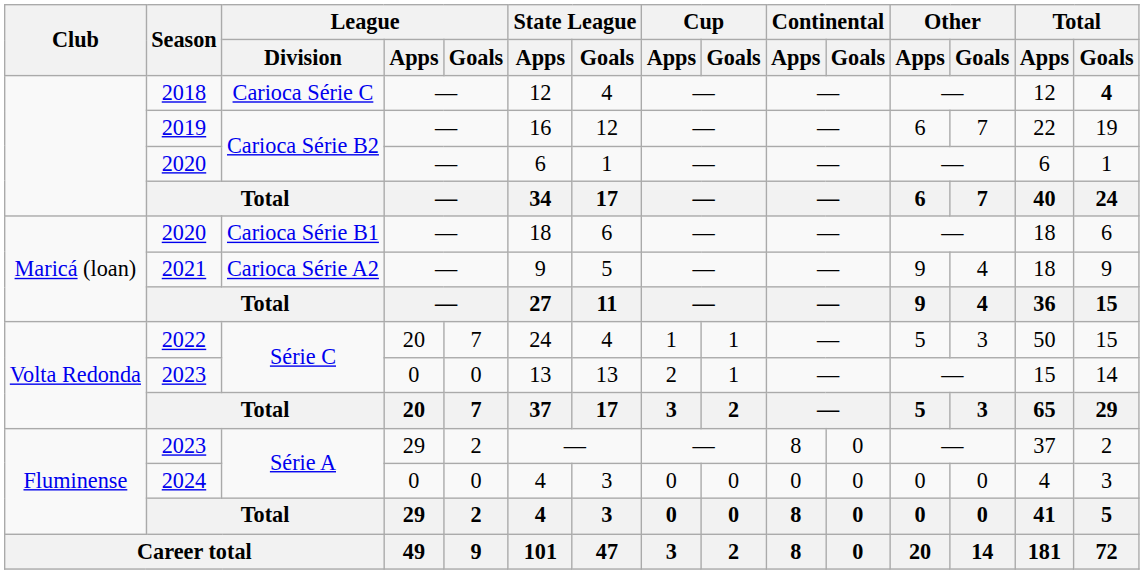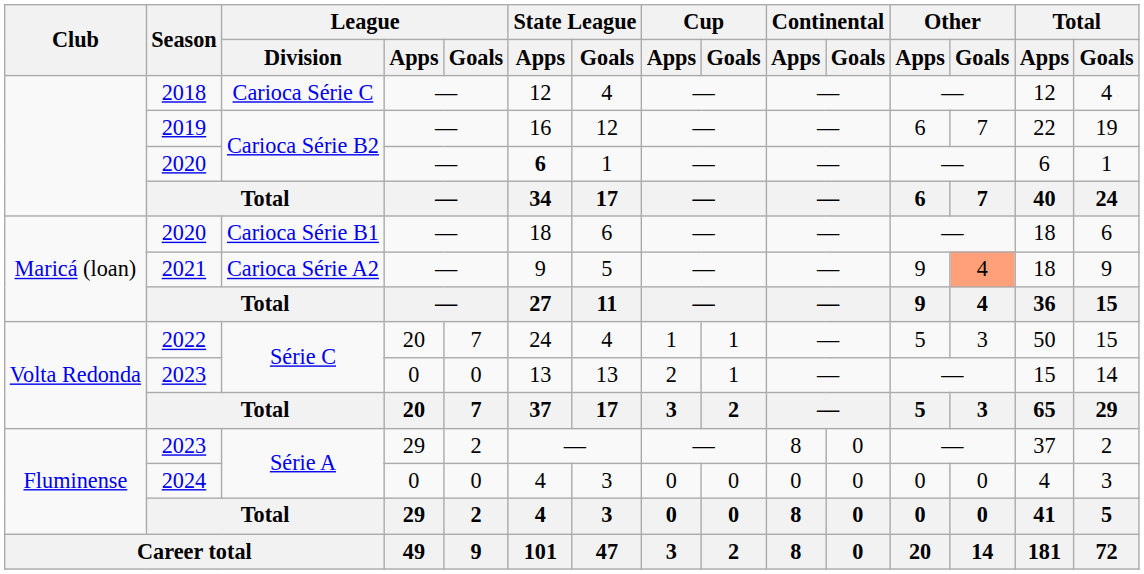 <table class="wikitable" style="text-align: center;">
 <tr>
 <th rowspan="2">Club</th>
 <th rowspan="2">Season</th>
 <th colspan="3">League</th>
 <th colspan="2">State League</th>
 <th colspan="2">Cup</th>
 <th colspan="2">Continental</th>
 <th colspan="2">Other</th>
 <th colspan="2">Total</th>
 </tr>
 <tr>
 <th>Division</th>
 <th>Apps</th>
 <th>Goals</th>
 <th>Apps</th>
 <th>Goals</th>
 <th>Apps</th>
 <th>Goals</th>
 <th>Apps</th>
 <th>Goals</th>
 <th>Apps</th>
 <th>Goals</th>
 <th>Apps</th>
 <th>Goals</th>
 </tr>
 <tr>
 <td rowspan="4" valign="center"></td>
 <td><a href='#'>2018</a></td>
 <td><a href='#'>Carioca Série C</a></td>
 <td colspan="2">—</td>
 <td>12</td>
 <td>4</td>
 <td colspan="2">—</td>
 <td colspan="2">—</td>
 <td colspan="2">—</td>
 <td>12</td>
-<td><strong>4</strong></td>
+<td>4</td>
 </tr>
 <tr>
 <td><a href='#'>2019</a></td>
 <td rowspan="2"><a href='#'>Carioca Série B2</a></td>
 <td colspan="2">—</td>
 <td>16</td>
 <td>12</td>
 <td colspan="2">—</td>
 <td colspan="2">—</td>
 <td>6</td>
 <td>7</td>
 <td>22</td>
 <td>19</td>
 </tr>
 <tr>
 <td><a href='#'>2020</a></td>
 <td colspan="2">—</td>
-<td>6</td>
+<td><strong>6</strong></td>
 <td>1</td>
 <td colspan="2">—</td>
 <td colspan="2">—</td>
 <td colspan="2">—</td>
 <td>6</td>
 <td>1</td>
 </tr>
 <tr>
 <th colspan="2">Total</th>
 <th colspan="2">—</th>
 <th>34</th>
 <th>17</th>
 <th colspan="2">—</th>
 <th colspan="2">—</th>
 <th>6</th>
 <th>7</th>
 <th>40</th>
 <th>24</th>
 </tr>
 <tr>
 <td rowspan="3" valign="center"><a href='#'>Maricá</a> (loan)</td>
 <td><a href='#'>2020</a></td>
 <td><a href='#'>Carioca Série B1</a></td>
 <td colspan="2">—</td>
 <td>18</td>
 <td>6</td>
 <td colspan="2">—</td>
 <td colspan="2">—</td>
 <td colspan="2">—</td>
 <td>18</td>
 <td>6</td>
 </tr>
 <tr>
 <td><a href='#'>2021</a></td>
 <td><a href='#'>Carioca Série A2</a></td>
 <td colspan="2">—</td>
 <td>9</td>
 <td>5</td>
 <td colspan="2">—</td>
 <td colspan="2">—</td>
 <td>9</td>
-<td>4</td>
+<td style="background: lightsalmon;">4</td>
 <td>18</td>
 <td>9</td>
 </tr>
 <tr>
 <th colspan="2">Total</th>
 <th colspan="2">—</th>
 <th>27</th>
 <th>11</th>
 <th colspan="2">—</th>
 <th colspan="2">—</th>
 <th>9</th>
 <th>4</th>
 <th>36</th>
 <th>15</th>
 </tr>
 <tr>
 <td rowspan="3" valign="center"><a href='#'>Volta Redonda</a></td>
 <td><a href='#'>2022</a></td>
 <td rowspan="2"><a href='#'>Série C</a></td>
 <td>20</td>
 <td>7</td>
 <td>24</td>
 <td>4</td>
 <td>1</td>
 <td>1</td>
 <td colspan="2">—</td>
 <td>5</td>
 <td>3</td>
 <td>50</td>
 <td>15</td>
 </tr>
 <tr>
 <td><a href='#'>2023</a></td>
 <td>0</td>
 <td>0</td>
 <td>13</td>
 <td>13</td>
 <td>2</td>
 <td>1</td>
 <td colspan="2">—</td>
 <td colspan="2">—</td>
 <td>15</td>
 <td>14</td>
 </tr>
 <tr>
 <th colspan="2">Total</th>
 <th>20</th>
 <th>7</th>
 <th>37</th>
 <th>17</th>
 <th>3</th>
 <th>2</th>
 <th colspan="2">—</th>
 <th>5</th>
 <th>3</th>
 <th>65</th>
 <th>29</th>
 </tr>
 <tr>
 <td rowspan="3" valign="center"><a href='#'>Fluminense</a></td>
 <td><a href='#'>2023</a></td>
 <td rowspan="2"><a href='#'>Série A</a></td>
 <td>29</td>
 <td>2</td>
 <td colspan="2">—</td>
 <td colspan="2">—</td>
 <td>8</td>
 <td>0</td>
 <td colspan="2">—</td>
 <td>37</td>
 <td>2</td>
 </tr>
 <tr>
 <td><a href='#'>2024</a></td>
 <td>0</td>
 <td>0</td>
 <td>4</td>
 <td>3</td>
 <td>0</td>
 <td>0</td>
 <td>0</td>
 <td>0</td>
 <td>0</td>
 <td>0</td>
 <td>4</td>
 <td>3</td>
 </tr>
 <tr>
 <th colspan="2">Total</th>
 <th>29</th>
 <th>2</th>
 <th>4</th>
 <th>3</th>
 <th>0</th>
 <th>0</th>
 <th>8</th>
 <th>0</th>
 <th>0</th>
 <th>0</th>
 <th>41</th>
 <th>5</th>
 </tr>
 <tr>
 <th colspan="3"><strong>Career total</strong></th>
 <th>49</th>
 <th>9</th>
 <th>101</th>
 <th>47</th>
 <th>3</th>
 <th>2</th>
 <th>8</th>
 <th>0</th>
 <th>20</th>
 <th>14</th>
 <th>181</th>
 <th>72</th>
 </tr>
 </table>
